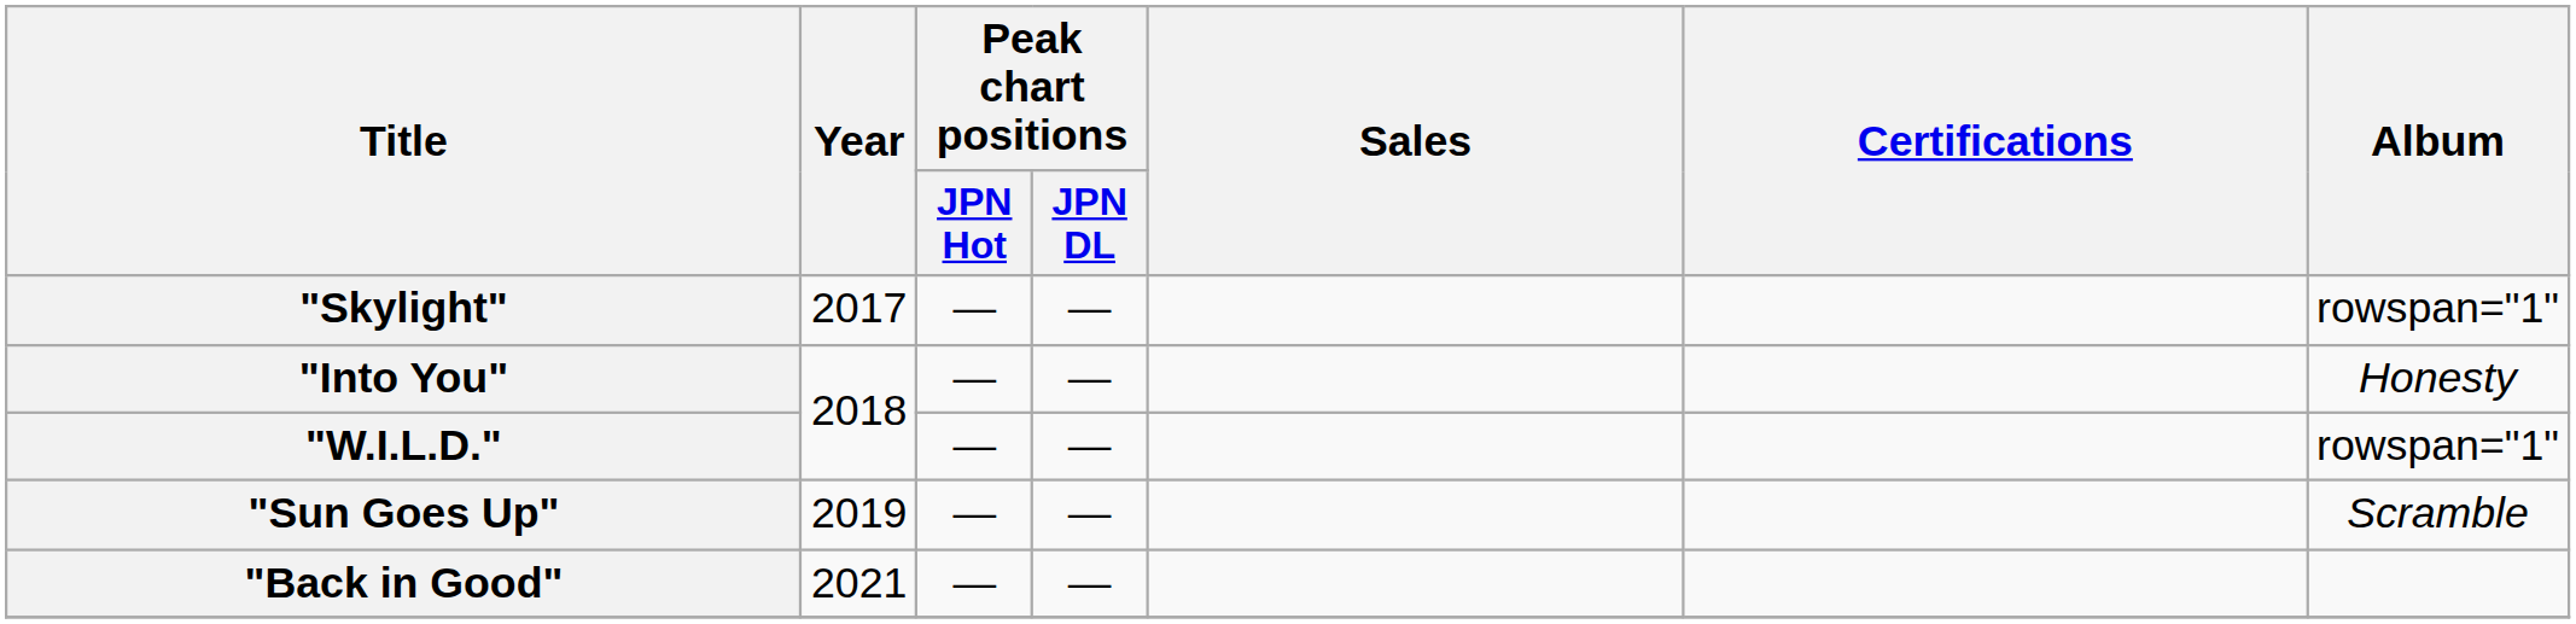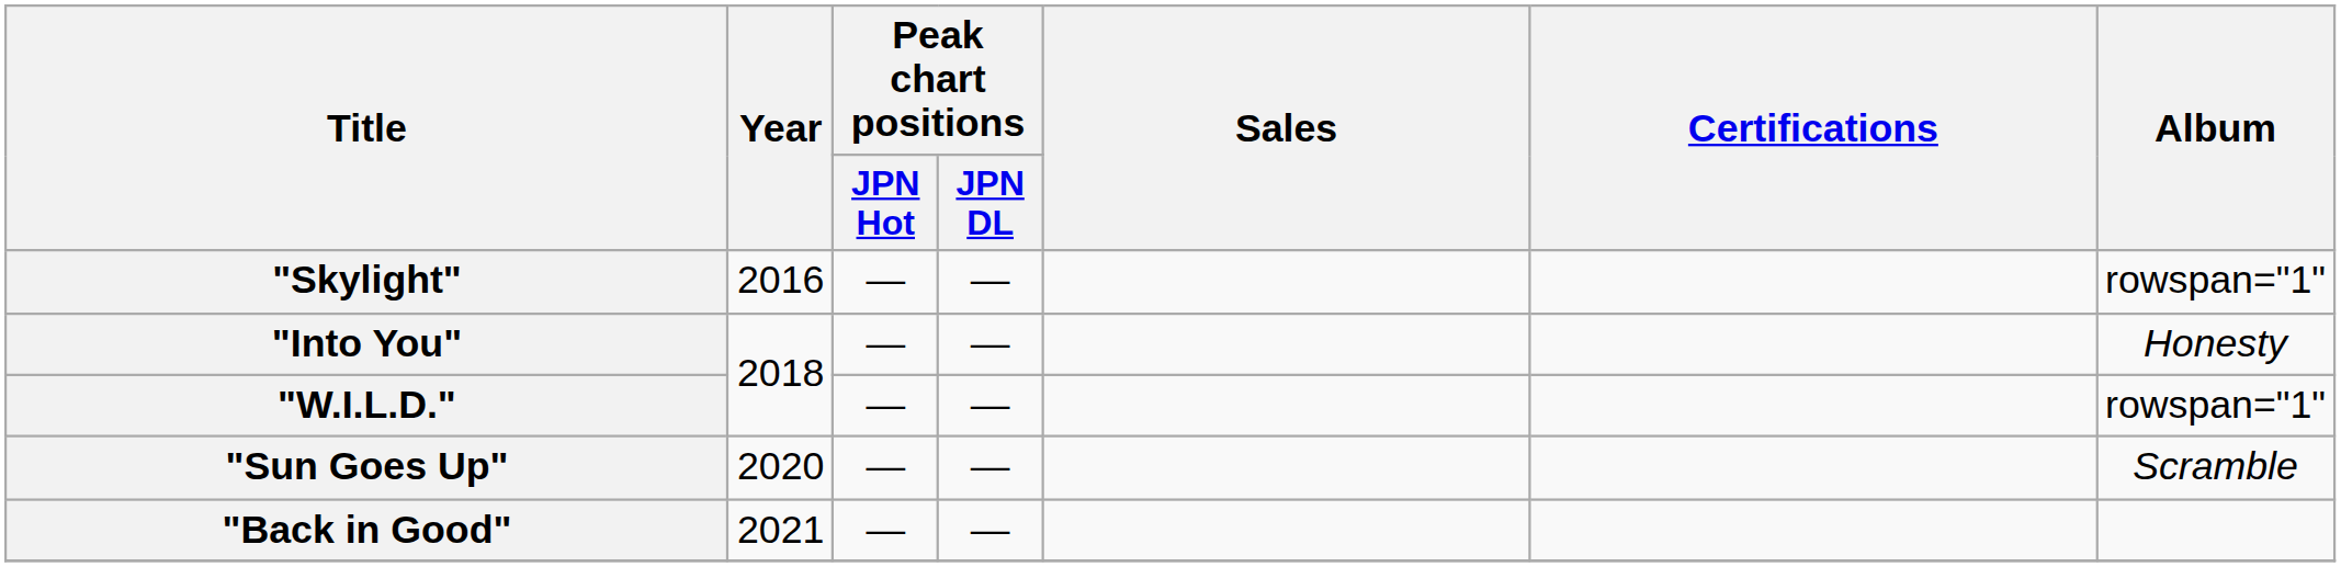 <table class="wikitable plainrowheaders" style="text-align:center;">
 <tr>
 <th scope="col" rowspan="2" style="width:18em;">Title</th>
 <th scope="col" rowspan="2">Year</th>
 <th scope="col" colspan="2">Peak chart positions</th>
 <th scope="col" rowspan="2" style="width:12em;">Sales</th>
 <th scope="col" rowspan="2" style="width:14em;"><a href='#'>Certifications</a></th>
 <th scope="col" rowspan="2">Album</th>
 </tr>
 <tr>
 <th scope="col" style="width:2.5em;font-size:90%;"><a href='#'>JPN<br>Hot</a><br></th>
 <th scope="col" style="width:2.5em;font-size:90%;"><a href='#'>JPN<br>DL</a></th>
 </tr>
 <tr>
 <th scope="row">"Skylight" <br></th>
-<td rowspan="1">2017</td>
+<td rowspan="1">2016</td>
 <td>—</td>
 <td>—</td>
 <td></td>
 <td></td>
 <td>rowspan="1" </td>
 </tr>
 <tr>
 <th scope="row">"Into You" <br></th>
 <td rowspan="2">2018</td>
 <td>—</td>
 <td>—</td>
 <td></td>
 <td></td>
 <td><em>Honesty</em></td>
 </tr>
 <tr>
 <th scope="row">"W.I.L.D."<br></th>
 <td>—</td>
 <td>—</td>
 <td></td>
 <td></td>
 <td>rowspan="1" </td>
 </tr>
 <tr>
 <th scope="row">"Sun Goes Up"<br></th>
-<td>2019</td>
+<td>2020</td>
 <td>—</td>
 <td>—</td>
 <td></td>
 <td></td>
 <td><em>Scramble</em></td>
 </tr>
 <tr>
 <th scope="row">"Back in Good"<br></th>
 <td>2021</td>
 <td>—</td>
 <td>—</td>
 <td></td>
 <td></td>
 <td></td>
 </tr>
 <tr>
 </tr>
 </table>
